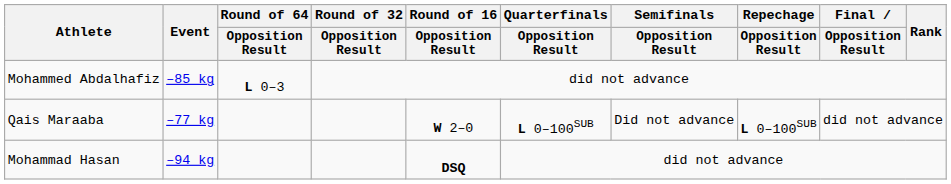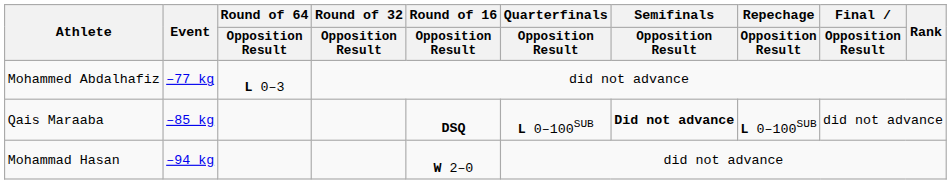 <table class=wikitable style=font-size:90%;text-align:center>
 <tr>
 <th rowspan="2">Athlete</th>
 <th rowspan="2">Event</th>
 <th>Round of 64</th>
 <th>Round of 32</th>
 <th>Round of 16</th>
 <th>Quarterfinals</th>
 <th>Semifinals</th>
 <th>Repechage</th>
 <th>Final / </th>
 <th rowspan=2>Rank</th>
 </tr>
 <tr style="font-size:95%">
 <th>Opposition<br>Result</th>
 <th>Opposition<br>Result</th>
 <th>Opposition<br>Result</th>
 <th>Opposition<br>Result</th>
 <th>Opposition<br>Result</th>
 <th>Opposition<br>Result</th>
 <th>Opposition<br>Result</th>
 </tr>
 <tr>
 <td align=left>Mohammed Abdalhafiz</td>
-<td align=left><a href='#'>–85 kg</a></td>
+<td align=left><a href='#'>–77 kg</a></td>
 <td><br><strong>L</strong> 0–3</td>
 <td colspan=7>did not advance</td>
 </tr>
 <tr>
 <td align=left>Qais Maraaba</td>
-<td align=left><a href='#'>–77 kg</a></td>
+<td align=left><a href='#'>–85 kg</a></td>
 <td></td>
 <td></td>
-<td><br><strong>W</strong> 2–0</td>
+<td><br><strong>DSQ</strong></td>
 <td><br><strong>L</strong> 0–100<sup>SUB</sup></td>
-<td>Did not advance</td>
+<td><strong>Did not advance</strong></td>
 <td><br><strong>L</strong> 0–100<sup>SUB</sup></td>
 <td colspan=2>did not advance</td>
 </tr>
 <tr>
 <td align=left>Mohammad Hasan</td>
 <td align=left><a href='#'>–94 kg</a></td>
 <td></td>
 <td></td>
-<td><br><strong>DSQ</strong></td>
+<td><br><strong>W</strong> 2–0</td>
 <td colspan=5>did not advance</td>
 </tr>
 </table>
